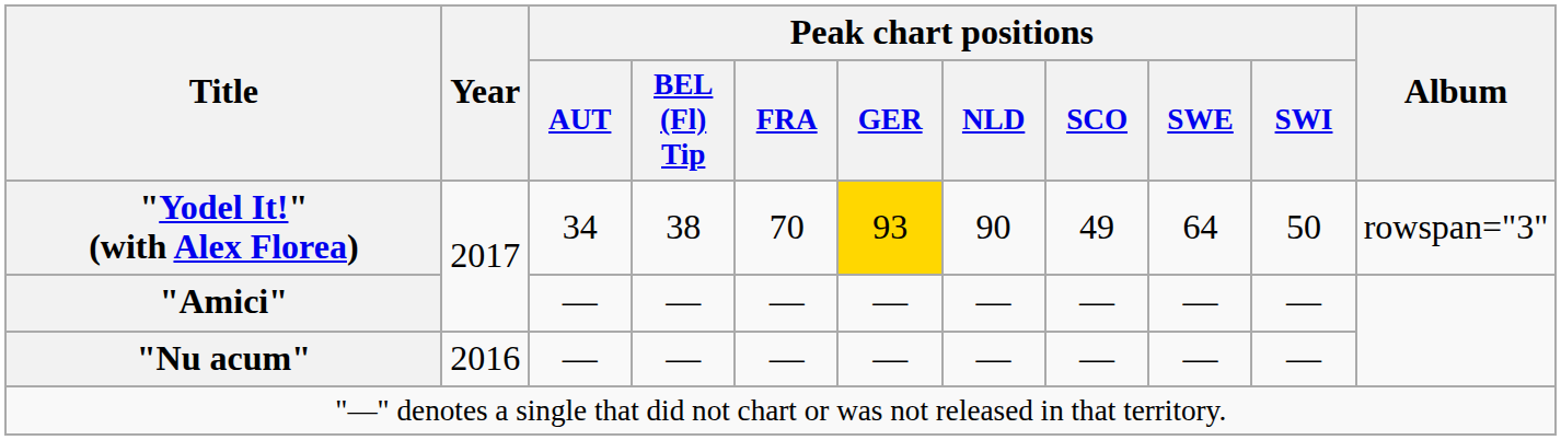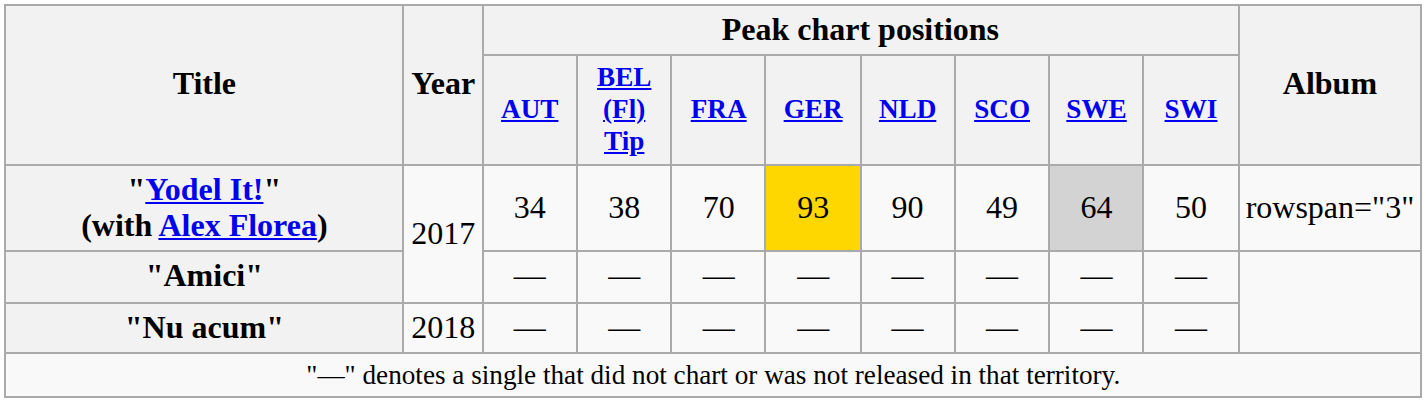 <table class="wikitable plainrowheaders" style="text-align:center;">
 <tr>
 <th scope="col" rowspan="2" style="width:12em;">Title</th>
 <th scope="col" rowspan="2" style="width:1em;">Year</th>
 <th scope="col" colspan="8">Peak chart positions</th>
 <th scope="col" rowspan="2">Album</th>
 </tr>
 <tr>
 <th scope="col" style="width:3em;font-size:85%;"><a href='#'>AUT</a><br></th>
 <th scope="col" style="width:3em;font-size:85%;"><a href='#'>BEL<br>(Fl)<br>Tip</a><br></th>
 <th scope="col" style="width:3em;font-size:85%;"><a href='#'>FRA</a><br></th>
 <th scope="col" style="width:3em;font-size:85%;"><a href='#'>GER</a><br></th>
 <th scope="col" style="width:3em;font-size:85%;"><a href='#'>NLD</a><br></th>
 <th scope="col" style="width:3em;font-size:85%;"><a href='#'>SCO</a><br></th>
 <th scope="col" style="width:3em;font-size:85%;"><a href='#'>SWE</a><br></th>
 <th scope="col" style="width:3em;font-size:85%;"><a href='#'>SWI</a><br></th>
 </tr>
 <tr>
 <th scope="row">"<a href='#'>Yodel It!</a>"<br><span>(with <a href='#'>Alex Florea</a>)</span></th>
 <td rowspan="2">2017</td>
 <td>34</td>
 <td>38</td>
 <td>70</td>
 <td style="background: gold;">93</td>
 <td>90</td>
 <td>49</td>
-<td>64</td>
+<td style="background: lightgrey;">64</td>
 <td>50</td>
 <td>rowspan="3" </td>
 </tr>
 <tr>
 <th scope="row">"Amici"</th>
 <td>—</td>
 <td>—</td>
 <td>—</td>
 <td>—</td>
 <td>—</td>
 <td>—</td>
 <td>—</td>
 <td>—</td>
 </tr>
 <tr>
 <th scope="row">"Nu acum"</th>
-<td rowspan="1">2016</td>
+<td rowspan="1">2018</td>
 <td>—</td>
 <td>—</td>
 <td>—</td>
 <td>—</td>
 <td>—</td>
 <td>—</td>
 <td>—</td>
 <td>—</td>
 </tr>
 <tr>
 <td colspan="20" style="font-size:85%">"—" denotes a single that did not chart or was not released in that territory.</td>
 </tr>
 <tr>
 </tr>
 </table>
